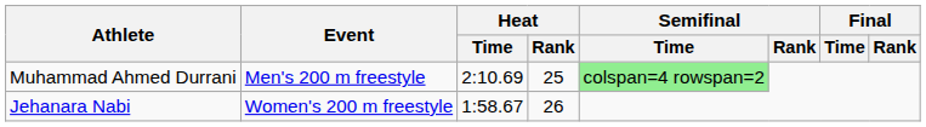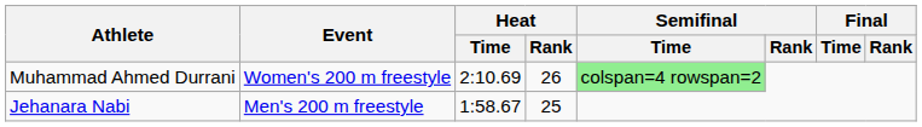 <table class=wikitable style="font-size:90%">
 <tr>
 <th rowspan="2">Athlete</th>
 <th rowspan="2">Event</th>
 <th colspan="2">Heat</th>
 <th colspan="2">Semifinal</th>
 <th colspan="2">Final</th>
 </tr>
 <tr style="font-size:95%">
 <th>Time</th>
 <th>Rank</th>
 <th>Time</th>
 <th>Rank</th>
 <th>Time</th>
 <th>Rank</th>
 </tr>
 <tr align=center>
 <td align=left>Muhammad Ahmed Durrani</td>
-<td align=left><a href='#'>Men's 200 m freestyle</a></td>
+<td align=left><a href='#'>Women's 200 m freestyle</a></td>
 <td>2:10.69</td>
-<td>25</td>
+<td>26</td>
 <td style="background: lightgreen;">colspan=4 rowspan=2</td>
 </tr>
 <tr align=center>
 <td align=left><a href='#'>Jehanara Nabi</a></td>
-<td align=left><a href='#'>Women's 200 m freestyle</a></td>
+<td align=left><a href='#'>Men's 200 m freestyle</a></td>
 <td>1:58.67</td>
-<td>26</td>
+<td>25</td>
 </tr>
 </table>
